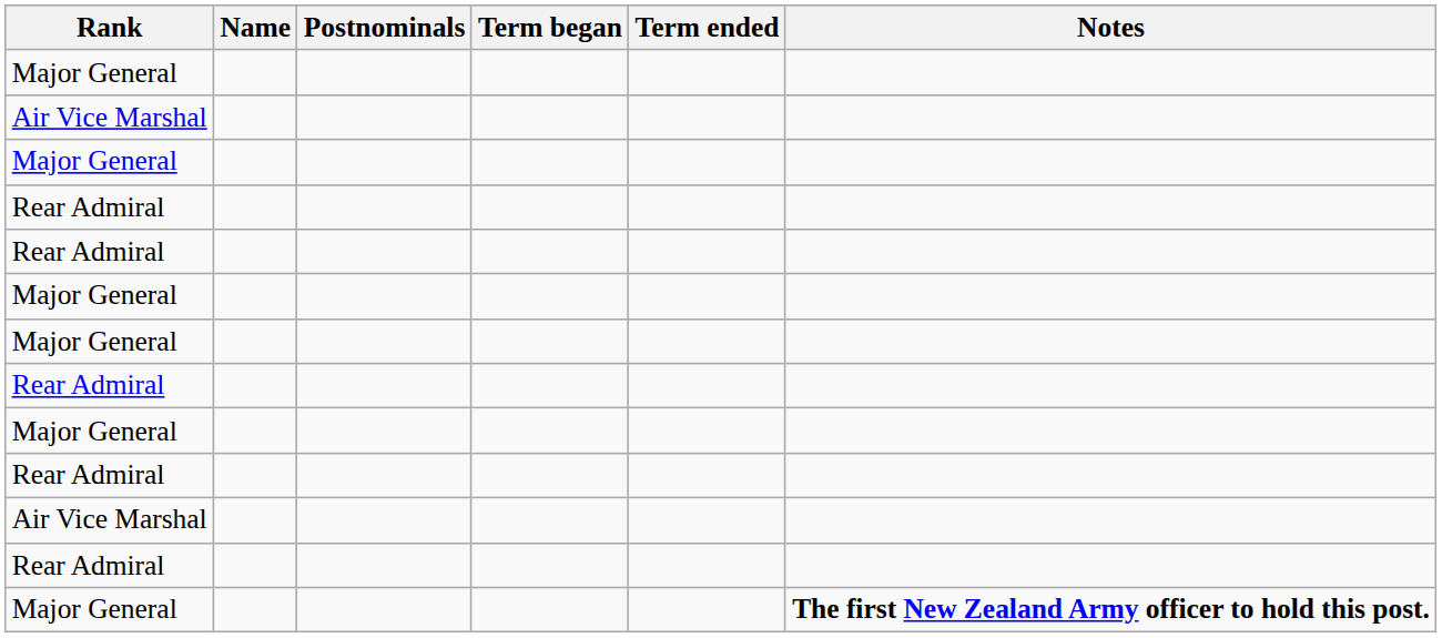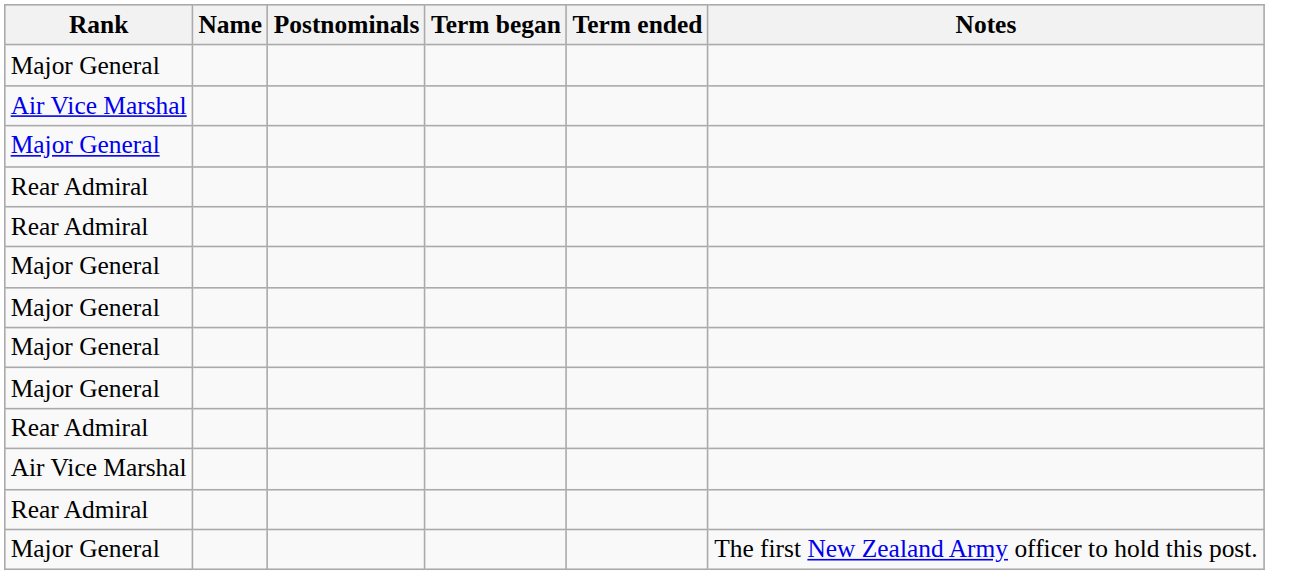 <table class="wikitable sortable">
 <tr>
 <th>Rank</th>
 <th>Name</th>
 <th>Postnominals</th>
 <th>Term began</th>
 <th>Term ended</th>
 <th>Notes</th>
 </tr>
 <tr>
 <td>Major General</td>
 <td></td>
 <td></td>
 <td></td>
 <td></td>
 <td></td>
 </tr>
 <tr>
 <td><a href='#'>Air Vice Marshal</a></td>
 <td></td>
 <td></td>
 <td></td>
 <td></td>
 <td></td>
 </tr>
 <tr>
 <td><a href='#'>Major General</a></td>
 <td></td>
 <td></td>
 <td></td>
 <td></td>
 <td></td>
 </tr>
 <tr>
 <td>Rear Admiral</td>
 <td></td>
 <td></td>
 <td></td>
 <td></td>
 <td></td>
 </tr>
 <tr>
 <td>Rear Admiral</td>
 <td></td>
 <td></td>
 <td></td>
 <td></td>
 <td></td>
 </tr>
 <tr>
 <td>Major General</td>
 <td></td>
 <td></td>
 <td></td>
 <td></td>
 <td></td>
 </tr>
 <tr>
 <td>Major General</td>
 <td></td>
 <td></td>
 <td></td>
 <td></td>
 <td></td>
 </tr>
 <tr>
-<td><a href='#'>Rear Admiral</a></td>
+<td>Major General</td>
 <td></td>
 <td></td>
 <td></td>
 <td></td>
 <td></td>
 </tr>
 <tr>
 <td>Major General</td>
 <td></td>
 <td></td>
 <td></td>
 <td></td>
 <td></td>
 </tr>
 <tr>
 <td>Rear Admiral</td>
 <td></td>
 <td></td>
 <td></td>
 <td></td>
 <td></td>
 </tr>
 <tr>
 <td>Air Vice Marshal</td>
 <td></td>
 <td></td>
 <td></td>
 <td></td>
 <td></td>
 </tr>
 <tr>
 <td>Rear Admiral</td>
 <td></td>
 <td></td>
 <td></td>
 <td></td>
 <td></td>
 </tr>
 <tr>
 <td>Major General</td>
 <td></td>
 <td></td>
 <td></td>
 <td></td>
-<td><strong>The first <a href='#'>New Zealand Army</a> officer to hold this post. </strong></td>
+<td>The first <a href='#'>New Zealand Army</a> officer to hold this post. </td>
 </tr>
 </table>
